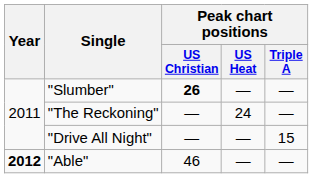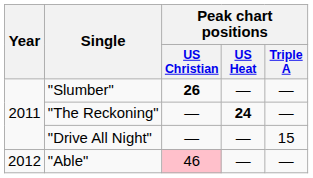 <table class="wikitable" style="text-align:center;">
 <tr>
 <th rowspan=2>Year</th>
 <th rowspan=2>Single</th>
 <th colspan=6>Peak chart positions</th>
 </tr>
 <tr style="font-size:smaller;">
 <th width=40><a href='#'>US Christian</a><br></th>
 <th width=40><a href='#'>US Heat</a><br></th>
 <th width=40><a href='#'>Triple A</a></th>
 </tr>
 <tr>
 <td rowspan="3">2011</td>
 <td align="left">"Slumber"</td>
 <td><strong>26</strong></td>
 <td>—</td>
 <td>—</td>
 </tr>
 <tr>
 <td align="left">"The Reckoning"</td>
 <td>—</td>
-<td>24</td>
+<td><strong>24</strong></td>
 <td>—</td>
 </tr>
 <tr>
 <td align="left">"Drive All Night"</td>
 <td>—</td>
 <td>—</td>
 <td>15</td>
 </tr>
 <tr>
-<td><strong>2012</strong></td>
+<td>2012</td>
 <td align="left">"Able"</td>
-<td>46</td>
+<td style="background: pink;">46</td>
 <td>—</td>
 <td>—</td>
 </tr>
 </table>
